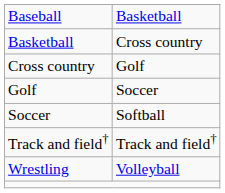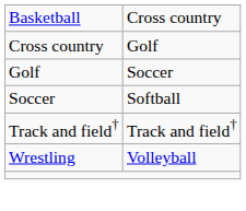 <table class="wikitable" style= " ">
 <tr>
-</tr>
-<tr>
-<td><a href='#'>Baseball</a></td>
-<td><a href='#'>Basketball</a></td>
 </tr>
 <tr>
 <td><a href='#'>Basketball</a></td>
 <td>Cross country</td>
 </tr>
 <tr>
 <td>Cross country</td>
 <td>Golf</td>
 </tr>
 <tr>
 <td>Golf</td>
 <td>Soccer</td>
 </tr>
 <tr>
 <td>Soccer</td>
 <td>Softball</td>
 </tr>
 <tr>
 <td>Track and field<sup>†</sup></td>
 <td>Track and field<sup>†</sup></td>
 </tr>
 <tr>
 <td><a href='#'>Wrestling</a></td>
 <td><a href='#'>Volleyball</a></td>
 </tr>
 <tr>
 <td colspan="2"></td>
 </tr>
 </table>
